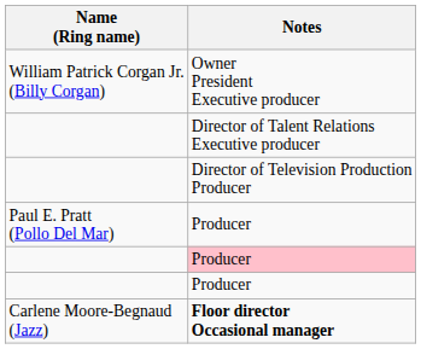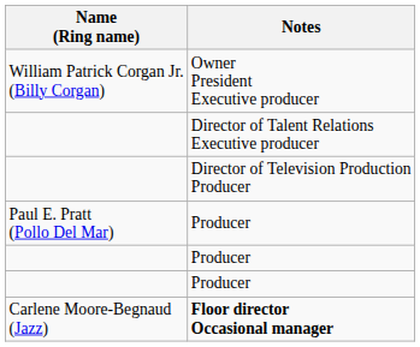 <table class="wikitable sortable">
 <tr>
 <th>Name<br>(Ring name)</th>
 <th>Notes</th>
 </tr>
 <tr>
 <td>William Patrick Corgan Jr.<br>(<a href='#'>Billy Corgan</a>)</td>
 <td>Owner<br>President<br>Executive producer</td>
 </tr>
 <tr>
 <td></td>
 <td>Director of Talent Relations<br>Executive producer</td>
 </tr>
 <tr>
 <td></td>
 <td>Director of Television Production<br>Producer</td>
 </tr>
 <tr>
 <td>Paul E. Pratt<br>(<a href='#'>Pollo Del Mar</a>)</td>
 <td>Producer</td>
 </tr>
 <tr>
 <td></td>
-<td style="background: pink;">Producer</td>
+<td>Producer</td>
 </tr>
 <tr>
 <td></td>
 <td>Producer</td>
 </tr>
 <tr>
 <td>Carlene Moore-Begnaud<br>(<a href='#'>Jazz</a>)</td>
 <td><strong>Floor director<br>Occasional manager</strong></td>
 </tr>
 </table>
